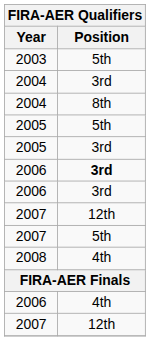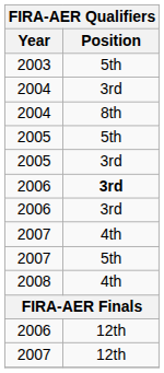 <table class="wikitable" style="text-align: center;">
 <tr>
 <th colspan=2>FIRA-AER Qualifiers</th>
 </tr>
 <tr>
 <th>Year</th>
 <th>Position</th>
 </tr>
 <tr>
 <td> 2003</td>
 <td>5th</td>
 </tr>
 <tr>
 <td> 2004</td>
 <td>3rd</td>
 </tr>
 <tr>
 <td> 2004</td>
 <td>8th</td>
 </tr>
 <tr>
 <td> 2005</td>
 <td>5th</td>
 </tr>
 <tr>
 <td> 2005</td>
 <td>3rd</td>
 </tr>
 <tr>
 <td> 2006</td>
 <td><strong>3rd</strong></td>
 </tr>
 <tr>
 <td> 2006</td>
 <td>3rd</td>
 </tr>
 <tr>
 <td> 2007</td>
-<td>12th</td>
+<td>4th</td>
 </tr>
 <tr>
 <td> 2007</td>
 <td>5th</td>
 </tr>
 <tr>
 <td> 2008</td>
 <td>4th</td>
 </tr>
 <tr>
 <th colspan=2>FIRA-AER Finals</th>
 </tr>
 <tr>
 <td> 2006</td>
-<td>4th</td>
+<td>12th</td>
 </tr>
 <tr>
 <td> 2007</td>
 <td>12th</td>
 </tr>
 <tr>
 </tr>
 </table>
